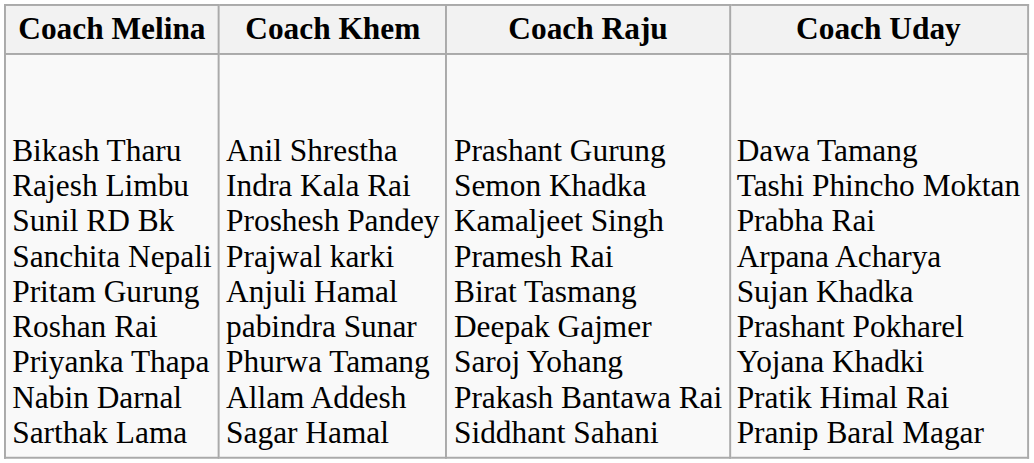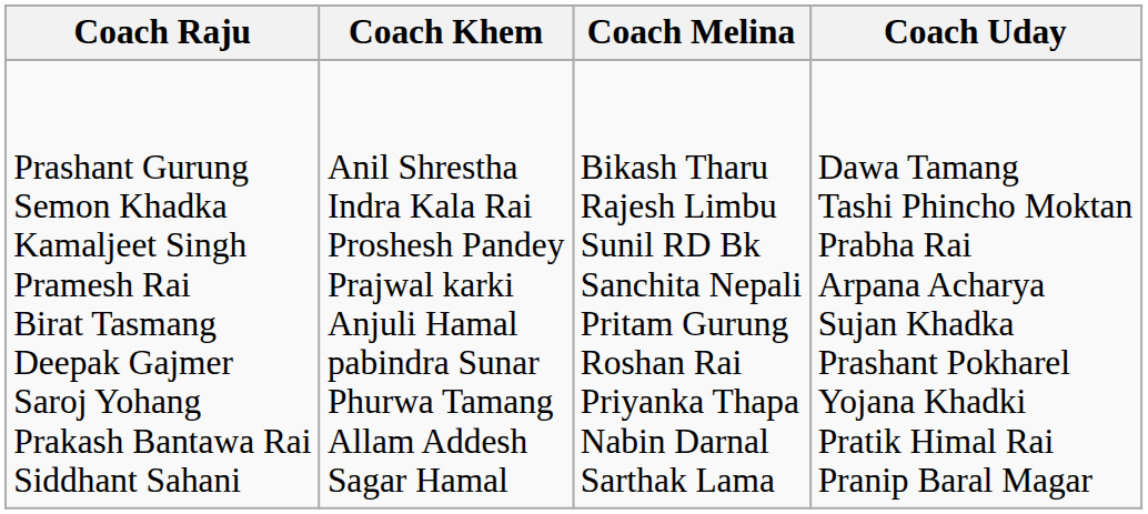 <table class="wikitable">
 <tr>
+<th>Coach Raju</th>
+<th>Coach Khem</th>
 <th>Coach Melina</th>
-<th>Coach Khem</th>
-<th>Coach Raju</th>
 <th>Coach Uday</th>
 </tr>
 <tr>
+<td><br><br>Prashant Gurung <br>Semon Khadka <br>Kamaljeet Singh <br>Pramesh Rai <br>Birat Tasmang <br>Deepak Gajmer <br>Saroj Yohang <br>Prakash Bantawa Rai <br><span>Siddhant Sahani</span></td>
+<td><br><br>Anil Shrestha <br>Indra Kala Rai <br>Proshesh Pandey <br>Prajwal karki <br>Anjuli Hamal <br>pabindra Sunar <br>Phurwa Tamang <br>Allam Addesh <br><span>Sagar Hamal</span></td>
 <td><br><br>Bikash Tharu <br>Rajesh Limbu <br>Sunil RD Bk <br>Sanchita Nepali <br>Pritam Gurung <br>Roshan Rai <br>Priyanka Thapa <br>Nabin Darnal <br><span>Sarthak Lama</span></td>
-<td><br><br>Anil Shrestha <br>Indra Kala Rai <br>Proshesh Pandey <br>Prajwal karki <br>Anjuli Hamal <br>pabindra Sunar <br>Phurwa Tamang <br>Allam Addesh <br><span>Sagar Hamal</span></td>
-<td><br><br>Prashant Gurung <br>Semon Khadka <br>Kamaljeet Singh <br>Pramesh Rai <br>Birat Tasmang <br>Deepak Gajmer <br>Saroj Yohang <br>Prakash Bantawa Rai <br><span>Siddhant Sahani</span></td>
 <td><br><br>Dawa Tamang <br>Tashi Phincho Moktan <br>Prabha Rai <br>Arpana Acharya <br>Sujan Khadka <br>Prashant Pokharel <br>Yojana Khadki <br>Pratik Himal Rai <br><span>Pranip Baral Magar</span></td>
 </tr>
 </table>
